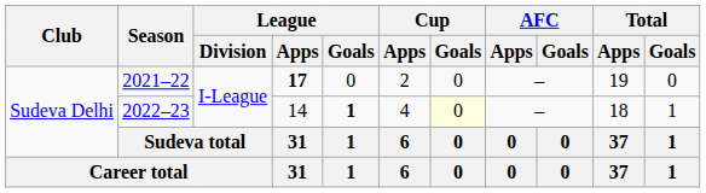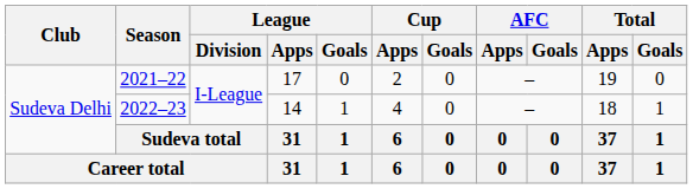 <table class="wikitable" style="text-align: center">
 <tr>
 <th rowspan="2">Club</th>
 <th rowspan="2">Season</th>
 <th colspan="3">League</th>
 <th colspan="2">Cup</th>
 <th colspan="2"><a href='#'>AFC</a></th>
 <th colspan="2">Total</th>
 </tr>
 <tr>
 <th>Division</th>
 <th>Apps</th>
 <th>Goals</th>
 <th>Apps</th>
 <th>Goals</th>
 <th>Apps</th>
 <th>Goals</th>
 <th>Apps</th>
 <th>Goals</th>
 </tr>
 <tr>
 <td rowspan="3"><a href='#'>Sudeva Delhi</a></td>
 <td><a href='#'>2021–22</a></td>
 <td rowspan="2"><a href='#'>I-League</a></td>
-<td><strong>17</strong></td>
+<td>17</td>
 <td>0</td>
 <td>2</td>
 <td>0</td>
 <td colspan="2">–</td>
 <td>19</td>
 <td>0</td>
 </tr>
 <tr>
 <td><a href='#'>2022–23</a></td>
 <td>14</td>
-<td><strong>1</strong></td>
+<td>1</td>
 <td>4</td>
-<td style="background: lightyellow;">0</td>
+<td>0</td>
 <td colspan="2">–</td>
 <td>18</td>
 <td>1</td>
 </tr>
 <tr>
 <th colspan="2">Sudeva total</th>
 <th>31</th>
 <th>1</th>
 <th>6</th>
 <th>0</th>
 <th>0</th>
 <th>0</th>
 <th>37</th>
 <th>1</th>
 </tr>
 <tr>
 <th colspan="3">Career total</th>
 <th>31</th>
 <th>1</th>
 <th>6</th>
 <th>0</th>
 <th>0</th>
 <th>0</th>
 <th>37</th>
 <th>1</th>
 </tr>
 </table>
